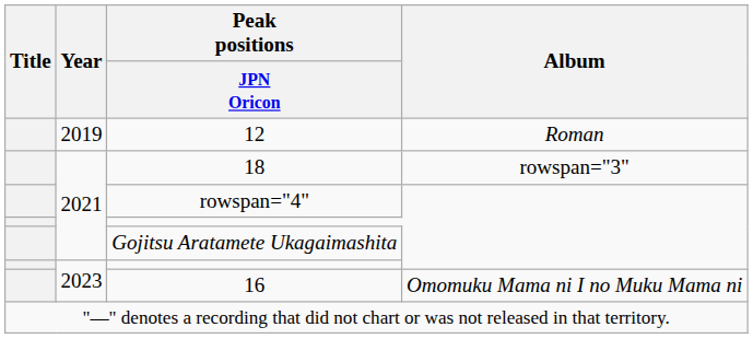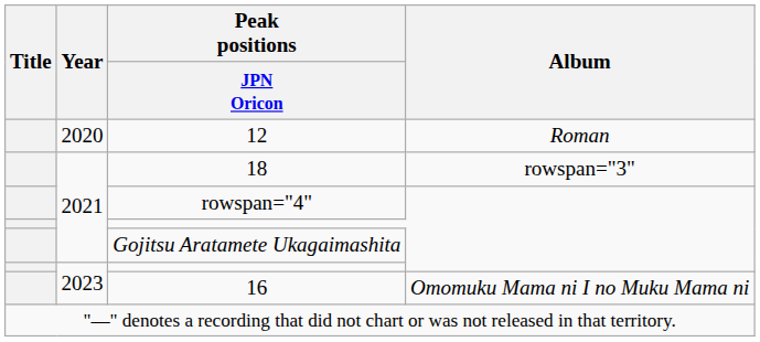 <table class="wikitable plainrowheaders" style="text-align:center;">
 <tr>
 <th scope="col" rowspan="2">Title</th>
 <th scope="col" rowspan="2">Year</th>
 <th scope="col">Peak<br> positions</th>
 <th scope="col" rowspan="2">Album</th>
 </tr>
 <tr>
 <th scope="col" colspan="1"><small><a href='#'>JPN<br>Oricon</a></small><br></th>
 </tr>
 <tr>
 <th scope="row"></th>
-<td>2019</td>
+<td>2020</td>
 <td>12</td>
 <td><em>Roman</em></td>
 </tr>
 <tr>
 <th scope="row"></th>
 <td rowspan="4">2021</td>
 <td>18</td>
 <td>rowspan="3" </td>
 </tr>
 <tr>
 <th scope="row"></th>
 <td>rowspan="4" </td>
 </tr>
 <tr>
 <th scope="row"></th>
 </tr>
 <tr>
 <th scope="row"></th>
 <td><em>Gojitsu Aratamete Ukagaimashita</em></td>
 </tr>
 <tr>
 <th scope="row"></th>
 <td rowspan="2">2023</td>
 <td></td>
 </tr>
 <tr>
 <th scope="row"></th>
 <td>16</td>
 <td><em>Omomuku Mama ni I no Muku Mama ni</em></td>
 </tr>
 <tr>
 <td align="center" colspan="5" style="font-size:90%">"—" denotes a recording that did not chart or was not released in that territory.</td>
 </tr>
 </table>
